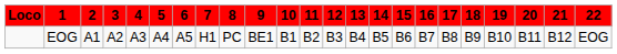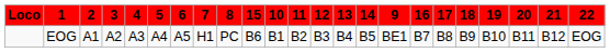 <table class="wikitable plainrowheaders unsortable" style="text-align:center">
 <tr>
 <th scope="col" rowspan="1" style="background:RED;">Loco</th>
 <th scope="col" rowspan="1" style="background:RED;">1</th>
 <th scope="col" rowspan="1" style="background:RED;">2</th>
 <th scope="col" rowspan="1" style="background:RED;">3</th>
 <th scope="col" rowspan="1" style="background:RED;">4</th>
 <th scope="col" rowspan="1" style="background:RED;">5</th>
 <th scope="col" rowspan="1" style="background:RED;">6</th>
 <th scope="col" rowspan="1" style="background:RED;">7</th>
 <th scope="col" rowspan="1" style="background:RED;">8</th>
-<th scope="col" rowspan="1" style="background:RED;">9</th>
+<th scope="col" rowspan="1" style="background:RED;">15</th>
 <th scope="col" rowspan="1" style="background:RED;">10</th>
 <th scope="col" rowspan="1" style="background:RED;">11</th>
 <th scope="col" rowspan="1" style="background:RED;">12</th>
 <th scope="col" rowspan="1" style="background:RED;">13</th>
 <th scope="col" rowspan="1" style="background:RED;">14</th>
-<th scope="col" rowspan="1" style="background:RED;">15</th>
+<th scope="col" rowspan="1" style="background:RED;">9</th>
 <th scope="col" rowspan="1" style="background:RED;">16</th>
 <th scope="col" rowspan="1" style="background:RED;">17</th>
 <th scope="col" rowspan="1" style="background:RED;">18</th>
 <th scope="col" rowspan="1" style="background:RED;">19</th>
 <th scope="col" rowspan="1" style="background:RED;">20</th>
 <th scope="col" rowspan="1" style="background:RED;">21</th>
 <th scope="col" rowspan="1" style="background:RED;">22</th>
 </tr>
 <tr>
 <td></td>
 <td>EOG</td>
 <td>A1</td>
 <td>A2</td>
 <td>A3</td>
 <td>A4</td>
 <td>A5</td>
 <td>H1</td>
 <td>PC</td>
-<td>BE1</td>
+<td>B6</td>
 <td>B1</td>
 <td>B2</td>
 <td>B3</td>
 <td>B4</td>
 <td>B5</td>
-<td>B6</td>
+<td>BE1</td>
 <td>B7</td>
 <td>B8</td>
 <td>B9</td>
 <td>B10</td>
 <td>B11</td>
 <td>B12</td>
 <td>EOG</td>
 </tr>
 </table>
